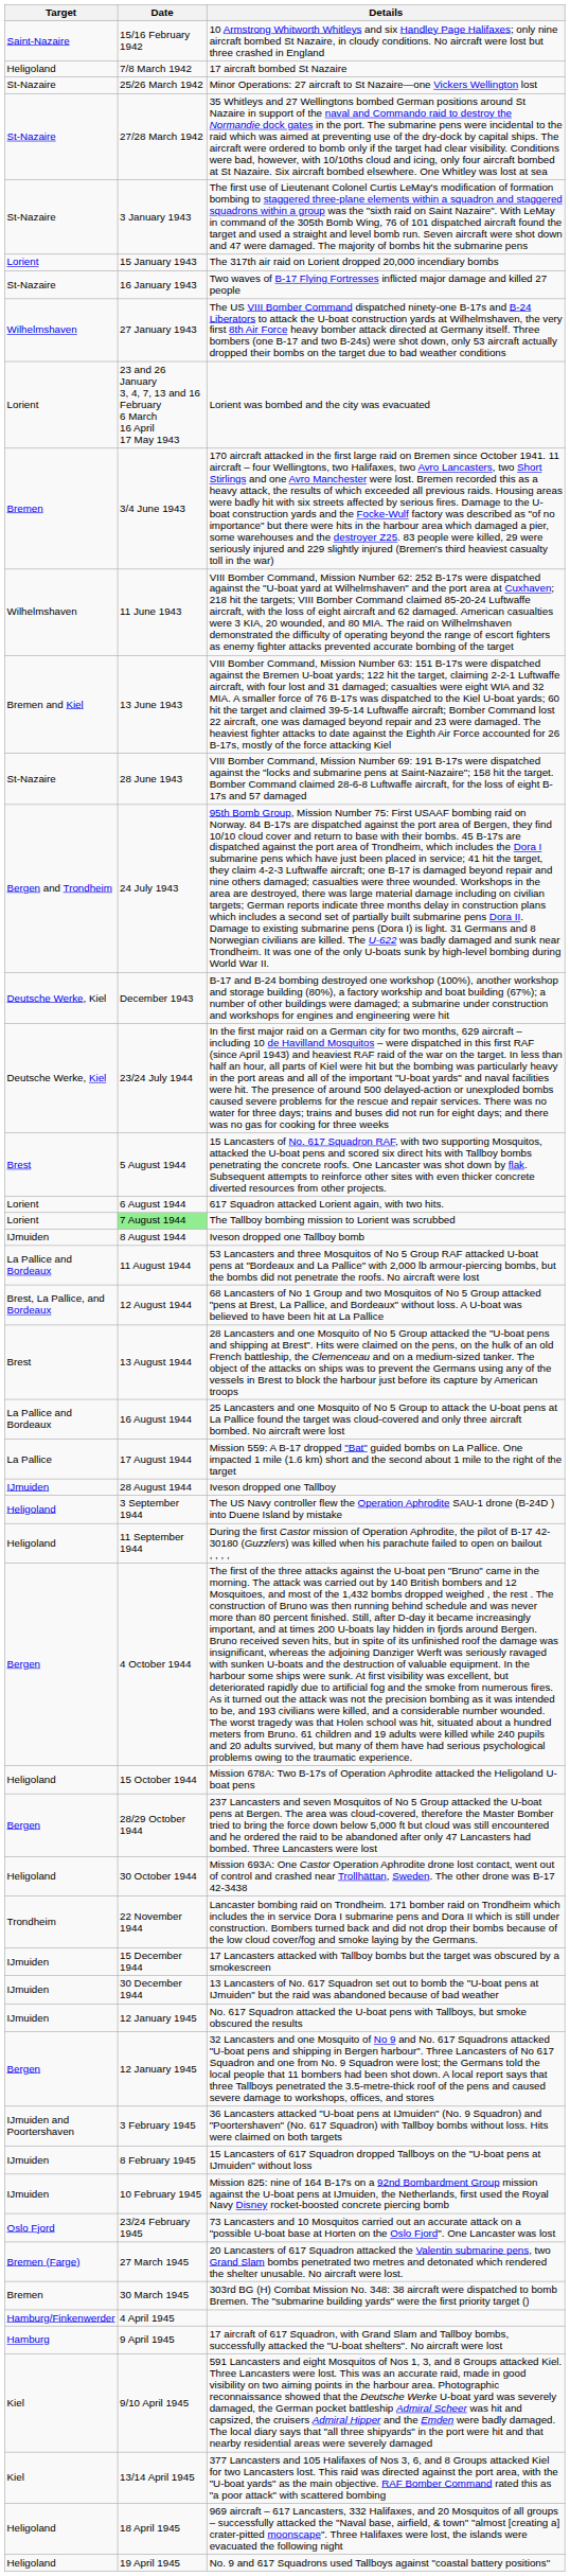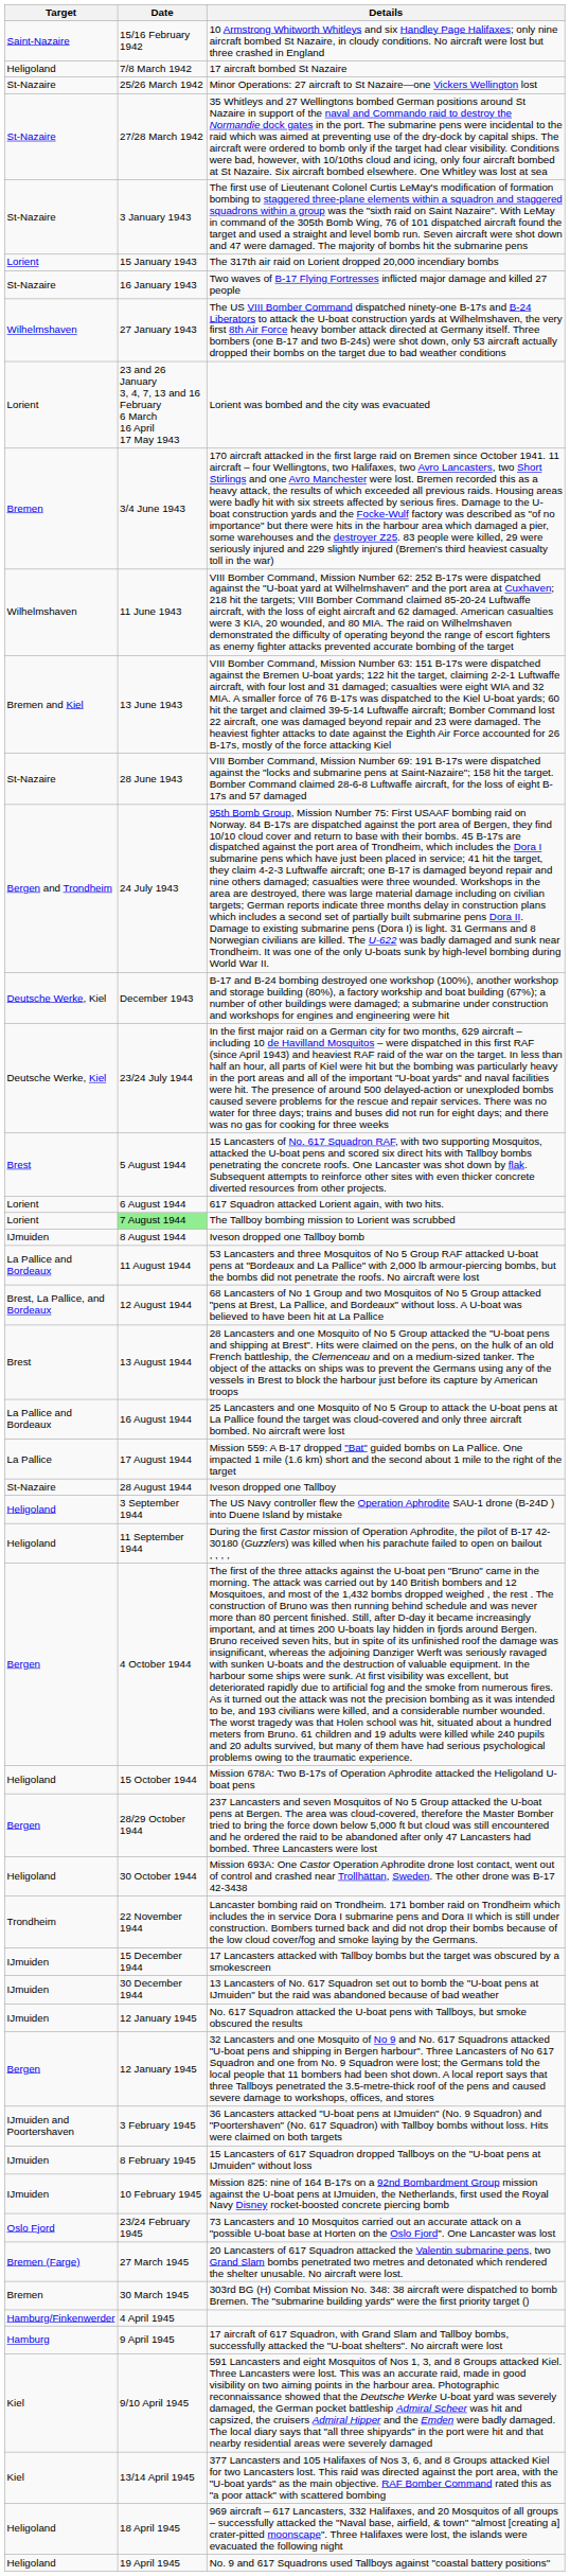 <table class="wikitable">
 <tr valign=top>
 <th style="width:12%;">Target</th>
 <th style="width:16%;">Date</th>
 <th>Details</th>
 </tr>
 <tr>
 <td><a href='#'>Saint-Nazaire</a></td>
 <td>15/16 February 1942</td>
 <td>10 <a href='#'>Armstrong Whitworth Whitleys</a> and six <a href='#'>Handley Page Halifaxes</a>; only nine aircraft bombed St Nazaire, in cloudy conditions. No aircraft were lost but three crashed in England</td>
 </tr>
 <tr>
 <td>Heligoland</td>
 <td>7/8 March 1942</td>
 <td>17 aircraft bombed St Nazaire</td>
 </tr>
 <tr>
 <td>St-Nazaire</td>
 <td>25/26 March 1942</td>
 <td>Minor Operations: 27 aircraft to St Nazaire—one <a href='#'>Vickers Wellington</a> lost</td>
 </tr>
 <tr>
 <td><a href='#'>St-Nazaire</a></td>
 <td>27/28 March 1942</td>
 <td>35 Whitleys and 27 Wellingtons bombed German positions around St Nazaire in support of the <a href='#'>naval and Commando raid to destroy the <em>Normandie</em> dock gates</a> in the port. The submarine pens were incidental to the raid which was aimed at preventing use of the dry-dock by capital ships. The aircraft were ordered to bomb only if the target had clear visibility. Conditions were bad, however, with 10/10ths cloud and icing, only four aircraft bombed at St Nazaire. Six aircraft bombed elsewhere. One Whitley was lost at sea</td>
 </tr>
 <tr>
 <td>St-Nazaire</td>
 <td>3 January 1943</td>
 <td>The first use of Lieutenant Colonel Curtis LeMay's modification of formation bombing to <a href='#'>staggered three-plane elements within a squadron and staggered squadrons within a group</a> was the "sixth raid on Saint Nazaire". With LeMay in command of the 305th Bomb Wing, 76 of 101 dispatched aircraft found the target and used a straight and level bomb run. Seven aircraft were shot down and 47 were damaged. The majority of bombs hit the submarine pens</td>
 </tr>
 <tr>
 <td><a href='#'>Lorient</a></td>
 <td>15 January 1943</td>
 <td>The 317th air raid on Lorient dropped 20,000 incendiary bombs</td>
 </tr>
 <tr>
 <td>St-Nazaire</td>
 <td>16 January 1943</td>
 <td>Two waves of <a href='#'>B-17 Flying Fortresses</a> inflicted major damage and killed 27 people</td>
 </tr>
 <tr>
 <td><a href='#'>Wilhelmshaven</a></td>
 <td>27 January 1943</td>
 <td>The US <a href='#'>VIII Bomber Command</a> dispatched ninety-one B-17s and <a href='#'>B-24 Liberators</a> to attack the U-boat construction yards at Wilhelmshaven, the very first <a href='#'>8th Air Force</a> heavy bomber attack directed at Germany itself. Three bombers (one B-17 and two B-24s) were shot down, only 53 aircraft actually dropped their bombs on the target due to bad weather conditions</td>
 </tr>
 <tr>
 <td>Lorient</td>
 <td>23 and 26 January<br> 3, 4, 7, 13 and 16 February<br>6 March<br>16 April<br>17 May 1943</td>
 <td>Lorient was bombed and the city was evacuated</td>
 </tr>
 <tr>
 <td><a href='#'>Bremen</a></td>
 <td>3/4 June 1943</td>
 <td>170 aircraft attacked in the first large raid on Bremen since October 1941. 11 aircraft – four Wellingtons, two Halifaxes, two <a href='#'>Avro Lancasters</a>, two <a href='#'>Short Stirlings</a> and one <a href='#'>Avro Manchester</a> were lost. Bremen recorded this as a heavy attack, the results of which exceeded all previous raids. Housing areas were badly hit with six streets affected by serious fires. Damage to the U-boat construction yards and the <a href='#'>Focke-Wulf</a> factory was described as "of no importance" but there were hits in the harbour area which damaged a pier, some warehouses and the <a href='#'>destroyer Z25</a>. 83 people were killed, 29 were seriously injured and 229 slightly injured (Bremen's third heaviest casualty toll in the war)</td>
 </tr>
 <tr>
 <td>Wilhelmshaven</td>
 <td>11 June 1943</td>
 <td>VIII Bomber Command, Mission Number 62: 252 B-17s were dispatched against the "U-boat yard at Wilhelmshaven" and the port area at <a href='#'>Cuxhaven</a>; 218 hit the targets; VIII Bomber Command claimed 85-20-24 Luftwaffe aircraft, with the loss of eight aircraft and 62 damaged. American casualties were 3 KIA, 20 wounded, and 80 MIA. The raid on Wilhelmshaven demonstrated the difficulty of operating beyond the range of escort fighters as enemy fighter attacks prevented accurate bombing of the target</td>
 </tr>
 <tr>
 <td>Bremen and <a href='#'>Kiel</a></td>
 <td>13 June 1943</td>
 <td>VIII Bomber Command, Mission Number 63: 151 B-17s were dispatched against the Bremen U-boat yards; 122 hit the target, claiming 2-2-1 Luftwaffe aircraft, with four lost and 31 damaged; casualties were eight WIA and 32 MIA. A smaller force of 76 B-17s was dispatched to the Kiel U-boat yards; 60 hit the target and claimed 39-5-14 Luftwaffe aircraft; Bomber Command lost 22 aircraft, one was damaged beyond repair and 23 were damaged. The heaviest fighter attacks to date against the Eighth Air Force accounted for 26 B-17s, mostly of the force attacking Kiel</td>
 </tr>
 <tr>
 <td>St-Nazaire</td>
 <td>28 June 1943</td>
 <td>VIII Bomber Command, Mission Number 69: 191 B-17s were dispatched against the "locks and submarine pens at Saint-Nazaire"; 158 hit the target. Bomber Command claimed 28-6-8 Luftwaffe aircraft, for the loss of eight B-17s and 57 damaged</td>
 </tr>
 <tr>
 <td><a href='#'>Bergen</a> and <a href='#'>Trondheim</a></td>
 <td>24 July 1943</td>
 <td><a href='#'>95th Bomb Group</a>, Mission Number 75: First USAAF bombing raid on Norway. 84 B-17s are dispatched against the port area of Bergen, they find 10/10 cloud cover and return to base with their bombs. 45 B-17s are dispatched against the port area of Trondheim, which includes the <a href='#'>Dora I</a> submarine pens which have just been placed in service; 41 hit the target, they claim 4-2-3 Luftwaffe aircraft; one B-17 is damaged beyond repair and nine others damaged; casualties were three wounded. Workshops in the area are destroyed, there was large material damage including on civilian targets; German reports indicate three months delay in construction plans which includes a second set of partially built submarine pens <a href='#'>Dora II</a>. Damage to existing submarine pens (Dora I) is light. 31 Germans and 8 Norwegian civilians are killed. The <em><a href='#'>U-622</a></em> was badly damaged and sunk near Trondheim. It was one of the only U-boats sunk by high-level bombing during World War II.</td>
 </tr>
 <tr>
 <td><a href='#'>Deutsche Werke</a>, Kiel</td>
 <td>December 1943</td>
 <td>B-17 and B-24 bombing destroyed one workshop (100%), another workshop and storage building (80%), a factory workship and boat building (67%); a number of other buildings were damaged; a submarine under construction and workshops for engines and engineering were hit</td>
 </tr>
 <tr>
 <td>Deutsche Werke, <a href='#'>Kiel</a></td>
 <td>23/24 July 1944</td>
 <td>In the first major raid on a German city for two months, 629 aircraft – including 10 <a href='#'>de Havilland Mosquitos</a> – were dispatched in this first RAF (since April 1943) and heaviest RAF raid of the war on the target. In less than half an hour, all parts of Kiel were hit but the bombing was particularly heavy in the port areas and all of the important "U-boat yards" and naval facilities were hit. The presence of around 500 delayed-action or unexploded bombs caused severe problems for the rescue and repair services. There was no water for three days; trains and buses did not run for eight days; and there was no gas for cooking for three weeks</td>
 </tr>
 <tr>
 <td><a href='#'>Brest</a></td>
 <td>5 August 1944</td>
 <td>15 Lancasters of <a href='#'>No. 617 Squadron RAF</a>, with two supporting Mosquitos, attacked the U-boat pens and scored six direct hits with Tallboy bombs penetrating the concrete roofs. One Lancaster was shot down by <a href='#'>flak</a>. Subsequent attempts to reinforce other sites with even thicker concrete diverted resources from other projects.</td>
 </tr>
 <tr>
 <td>Lorient</td>
 <td>6 August 1944</td>
 <td>617 Squadron attacked Lorient again, with two hits.</td>
 </tr>
 <tr>
 <td>Lorient</td>
 <td style="background: lightgreen;">7 August 1944</td>
 <td>The Tallboy bombing mission to Lorient was scrubbed</td>
 </tr>
 <tr>
 <td>IJmuiden</td>
 <td>8 August 1944</td>
 <td>Iveson dropped one Tallboy bomb</td>
 </tr>
 <tr>
 <td>La Pallice and <a href='#'>Bordeaux</a></td>
 <td>11 August 1944</td>
 <td>53 Lancasters and three Mosquitos of No 5 Group RAF attacked U-boat pens at "Bordeaux and La Pallice" with 2,000 lb armour-piercing bombs, but the bombs did not penetrate the roofs. No aircraft were lost</td>
 </tr>
 <tr>
 <td>Brest, La Pallice, and <a href='#'>Bordeaux</a></td>
 <td>12 August 1944</td>
 <td>68 Lancasters of No 1 Group and two Mosquitos of No 5 Group attacked "pens at Brest, La Pallice, and Bordeaux" without loss. A U-boat was believed to have been hit at La Pallice</td>
 </tr>
 <tr>
 <td>Brest</td>
 <td>13 August 1944</td>
 <td>28 Lancasters and one Mosquito of No 5 Group attacked the "U-boat pens and shipping at Brest". Hits were claimed on the pens, on the hulk of an old French battleship, the <em>Clemenceau</em> and on a medium-sized tanker. The object of the attacks on ships was to prevent the Germans using any of the vessels in Brest to block the harbour just before its capture by American troops</td>
 </tr>
 <tr>
 <td>La Pallice and Bordeaux</td>
 <td>16 August 1944</td>
 <td>25 Lancasters and one Mosquito of No 5 Group to attack the U-boat pens at La Pallice found the target was cloud-covered and only three aircraft bombed. No aircraft were lost</td>
 </tr>
 <tr>
 <td>La Pallice</td>
 <td>17 August 1944</td>
 <td>Mission 559: A B-17 dropped <a href='#'>"Bat"</a> guided bombs on La Pallice. One impacted 1 mile (1.6 km) short and the second about 1 mile to the right of the target</td>
 </tr>
 <tr>
-<td><a href='#'>IJmuiden</a></td>
+<td>St-Nazaire</td>
 <td>28 August 1944</td>
 <td>Iveson dropped one Tallboy</td>
 </tr>
 <tr>
 <td><a href='#'>Heligoland</a></td>
 <td>3 September 1944</td>
 <td>The US Navy controller flew the <a href='#'>Operation Aphrodite</a> SAU-1 drone (B-24D ) into Duene Island by mistake</td>
 </tr>
 <tr>
 <td>Heligoland</td>
 <td>11 September 1944</td>
 <td>During the first <em>Castor</em> mission of Operation Aphrodite, the pilot of B-17 42-30180 (<em>Guzzlers</em>) was killed when his parachute failed to open on bailout<br>, , , , </td>
 </tr>
 <tr>
 <td><a href='#'>Bergen</a></td>
 <td>4 October 1944</td>
 <td>The first of the three attacks against the U-boat pen "Bruno" came in the morning. The attack was carried out by 140 British bombers and 12 Mosquitoes, and most of the 1,432 bombs dropped weighed , the rest . The construction of Bruno was then running behind schedule and was never more than 80 percent finished. Still, after D-day it became increasingly important, and at times 200 U-boats lay hidden in fjords around Bergen. Bruno received seven hits, but in spite of its unfinished roof the damage was insignificant, whereas the adjoining Danziger Werft was seriously ravaged with sunken U-boats and the destruction of valuable equipment. In the harbour some ships were sunk. At first visibility was excellent, but deteriorated rapidly due to artificial fog and the smoke from numerous fires.<br>As it turned out the attack was not the precision bombing as it was intended to be, and 193 civilians were killed, and a considerable number wounded. The worst tragedy was that Holen school was hit, situated about a hundred meters from Bruno. 61 children and 19 adults were killed while 240 pupils and 20 adults survived, but many of them have had serious psychological problems owing to the traumatic experience.</td>
 </tr>
 <tr>
 <td>Heligoland</td>
 <td>15 October 1944</td>
 <td>Mission 678A: Two B-17s of Operation Aphrodite attacked the Heligoland U-boat pens</td>
 </tr>
 <tr>
 <td><a href='#'>Bergen</a></td>
 <td>28/29 October 1944</td>
 <td>237 Lancasters and seven Mosquitos of No 5 Group attacked the U-boat pens at Bergen. The area was cloud-covered, therefore the Master Bomber tried to bring the force down below 5,000 ft but cloud was still encountered and he ordered the raid to be abandoned after only 47 Lancasters had bombed. Three Lancasters were lost</td>
 </tr>
 <tr>
 <td>Heligoland</td>
 <td>30 October 1944</td>
 <td>Mission 693A: One <em>Castor</em> Operation Aphrodite drone lost contact, went out of control and crashed near <a href='#'>Trollhättan</a>, <a href='#'>Sweden</a>. The other drone was B-17 42-3438</td>
 </tr>
 <tr>
 <td>Trondheim</td>
 <td>22 November 1944</td>
 <td>Lancaster bombing raid on Trondheim.  171 bomber raid on Trondheim which includes the in service Dora I submarine pens and Dora II which is still under construction. Bombers turned back and did not drop their bombs because of the low cloud cover/fog and smoke laying by the Germans.</td>
 </tr>
 <tr>
 <td>IJmuiden</td>
 <td>15 December 1944</td>
 <td>17 Lancasters attacked with Tallboy bombs but the target was obscured by a smokescreen</td>
 </tr>
 <tr>
 <td>IJmuiden</td>
 <td>30 December 1944</td>
 <td>13 Lancasters of No. 617 Squadron set out to bomb the "U-boat pens at IJmuiden" but the raid was abandoned because of bad weather</td>
 </tr>
 <tr>
 <td>IJmuiden</td>
 <td>12 January 1945</td>
 <td>No. 617 Squadron attacked the U-boat pens with Tallboys, but smoke obscured the results</td>
 </tr>
 <tr>
 <td><a href='#'>Bergen</a></td>
 <td>12 January 1945</td>
 <td>32 Lancasters and one Mosquito of <a href='#'>No 9</a> and No. 617 Squadrons attacked "U-boat pens and shipping in Bergen harbour". Three Lancasters of No 617 Squadron and one from No. 9 Squadron were lost; the Germans told the local people that 11 bombers had been shot down. A local report says that three Tallboys penetrated the 3.5-metre-thick roof of the pens and caused severe damage to workshops, offices, and stores</td>
 </tr>
 <tr>
 <td>IJmuiden and Poortershaven</td>
 <td>3 February 1945</td>
 <td>36 Lancasters attacked "U-boat pens at IJmuiden" (No. 9 Squadron) and "Poortershaven" (No. 617 Squadron) with Tallboy bombs without loss. Hits were claimed on both targets</td>
 </tr>
 <tr>
 <td>IJmuiden</td>
 <td>8 February 1945</td>
 <td>15 Lancasters of 617 Squadron dropped Tallboys on the "U-boat pens at IJmuiden" without loss</td>
 </tr>
 <tr>
 <td>IJmuiden</td>
 <td>10 February 1945</td>
 <td>Mission 825: nine of 164 B-17s on a <a href='#'>92nd Bombardment Group</a> mission against the U-boat pens at IJmuiden, the Netherlands, first used the Royal Navy <a href='#'>Disney</a> rocket-boosted concrete piercing bomb</td>
 </tr>
 <tr>
 <td><a href='#'>Oslo Fjord</a></td>
 <td>23/24 February 1945</td>
 <td>73 Lancasters and 10 Mosquitos carried out an accurate attack on a "possible U-boat base at Horten on the <a href='#'>Oslo Fjord</a>". One Lancaster was lost</td>
 </tr>
 <tr>
 <td><a href='#'>Bremen (Farge)</a></td>
 <td>27 March 1945</td>
 <td>20 Lancasters of 617 Squadron attacked the <a href='#'>Valentin submarine pens</a>, two <a href='#'>Grand Slam</a> bombs penetrated two metres and detonated which rendered the shelter unusable. No aircraft were lost.</td>
 </tr>
 <tr>
 <td>Bremen</td>
 <td>30 March 1945</td>
 <td>303rd BG (H) Combat Mission No. 348: 38 aircraft were dispatched to bomb Bremen. The "submarine building yards" were the first priority target ()</td>
 </tr>
 <tr>
 <td><a href='#'>Hamburg/Finkenwerder</a></td>
 <td>4 April 1945</td>
 <td></td>
 </tr>
 <tr>
 <td><a href='#'>Hamburg</a></td>
 <td>9 April 1945</td>
 <td>17 aircraft of 617 Squadron, with Grand Slam and Tallboy bombs, successfully attacked the "U-boat shelters". No aircraft were lost</td>
 </tr>
 <tr>
 <td>Kiel</td>
 <td>9/10 April 1945</td>
 <td>591 Lancasters and eight Mosquitos of Nos 1, 3, and 8 Groups attacked Kiel. Three Lancasters were lost. This was an accurate raid, made in good visibility on two aiming points in the harbour area. Photographic reconnaissance showed that the <em>Deutsche Werke</em> U-boat yard was severely damaged, the German pocket battleship <a href='#'><em>Admiral Scheer</em></a> was hit and capsized, the cruisers <a href='#'><em>Admiral Hipper</em></a> and the <a href='#'><em>Emden</em></a> were badly damaged. The local diary says that "all three shipyards" in the port were hit and that nearby residential areas were severely damaged</td>
 </tr>
 <tr>
 <td>Kiel</td>
 <td>13/14 April 1945</td>
 <td>377 Lancasters and 105 Halifaxes of Nos 3, 6, and 8 Groups attacked Kiel for two Lancasters lost. This raid was directed against the port area, with the "U-boat yards" as the main objective. <a href='#'>RAF Bomber Command</a> rated this as "a poor attack" with scattered bombing</td>
 </tr>
 <tr>
 <td>Heligoland</td>
 <td>18 April 1945</td>
 <td>969 aircraft – 617 Lancasters, 332 Halifaxes, and 20 Mosquitos of all groups – successfully attacked the "Naval base, airfield, & town" "almost [creating a] crater-pitted <a href='#'>moonscape</a>". Three Halifaxes were lost, the islands were evacuated the following night</td>
 </tr>
 <tr>
 <td>Heligoland</td>
 <td>19 April 1945</td>
 <td>No. 9 and 617 Squadrons used Tallboys against "coastal battery positions"</td>
 </tr>
 </table>
